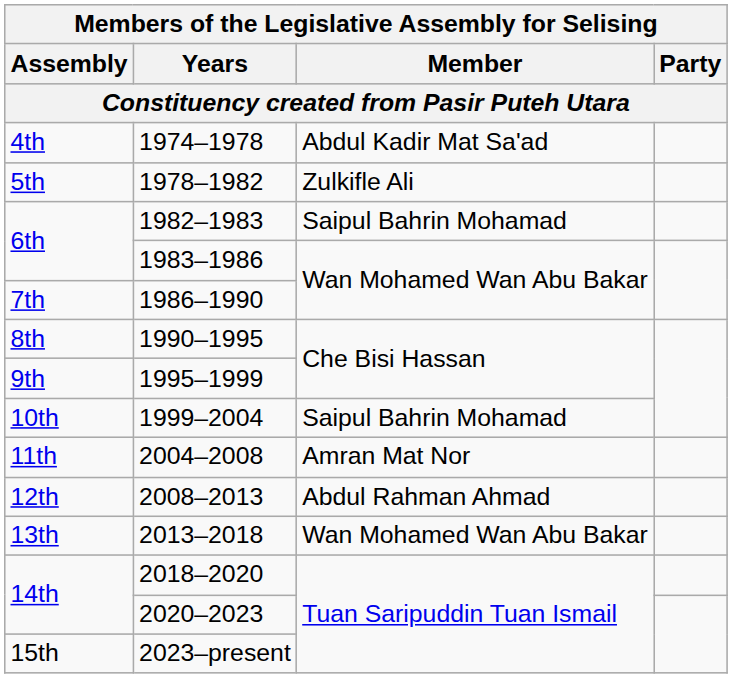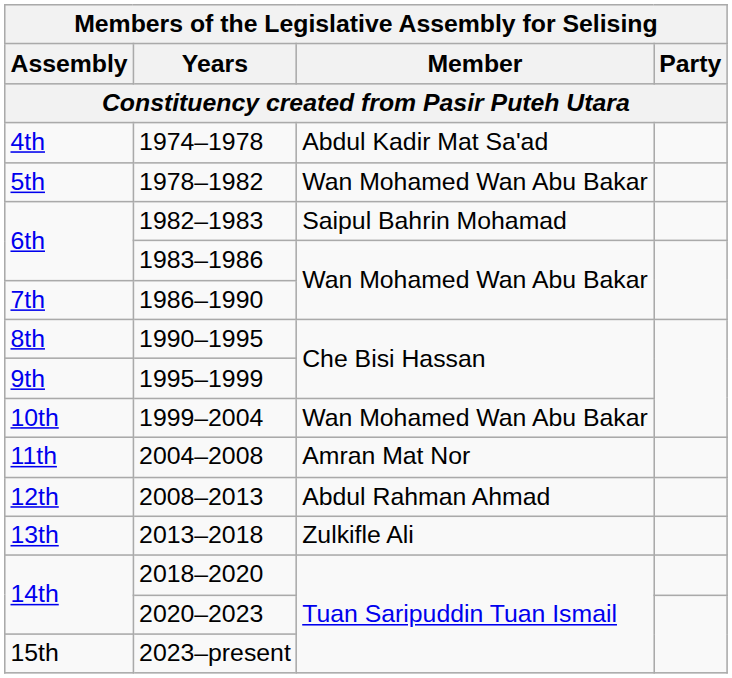 <table class=wikitable>
 <tr>
 <th colspan=4>Members of the Legislative Assembly for Selising</th>
 </tr>
 <tr>
 <th>Assembly</th>
 <th>Years</th>
 <th>Member</th>
 <th>Party</th>
 </tr>
 <tr>
 <th colspan=4 align=center><em>Constituency created from Pasir Puteh Utara</em></th>
 </tr>
 <tr>
 <td><a href='#'>4th</a></td>
 <td>1974–1978</td>
 <td>Abdul Kadir Mat Sa'ad</td>
 <td></td>
 </tr>
 <tr>
 <td><a href='#'>5th</a></td>
 <td>1978–1982</td>
-<td>Zulkifle Ali</td>
+<td>Wan Mohamed Wan Abu Bakar</td>
 <td></td>
 </tr>
 <tr>
 <td rowspan=2><a href='#'>6th</a></td>
 <td>1982–1983</td>
 <td>Saipul Bahrin Mohamad</td>
 <td></td>
 </tr>
 <tr>
 <td>1983–1986</td>
 <td rowspan=2>Wan Mohamed Wan Abu Bakar</td>
 <td rowspan=2></td>
 </tr>
 <tr>
 <td><a href='#'>7th</a></td>
 <td>1986–1990</td>
 </tr>
 <tr>
 <td><a href='#'>8th</a></td>
 <td>1990–1995</td>
 <td rowspan=2>Che Bisi Hassan</td>
 <td rowspan=3></td>
 </tr>
 <tr>
 <td><a href='#'>9th</a></td>
 <td>1995–1999</td>
 </tr>
 <tr>
 <td><a href='#'>10th</a></td>
 <td>1999–2004</td>
-<td>Saipul Bahrin Mohamad</td>
+<td>Wan Mohamed Wan Abu Bakar</td>
 </tr>
 <tr>
 <td><a href='#'>11th</a></td>
 <td>2004–2008</td>
 <td>Amran Mat Nor</td>
 <td></td>
 </tr>
 <tr>
 <td><a href='#'>12th</a></td>
 <td>2008–2013</td>
 <td>Abdul Rahman Ahmad</td>
 <td></td>
 </tr>
 <tr>
 <td><a href='#'>13th</a></td>
 <td>2013–2018</td>
-<td>Wan Mohamed Wan Abu Bakar</td>
+<td>Zulkifle Ali</td>
 <td></td>
 </tr>
 <tr>
 <td rowspan="2"><a href='#'>14th</a></td>
 <td>2018–2020</td>
 <td rowspan="3"><a href='#'>Tuan Saripuddin Tuan Ismail</a></td>
 <td></td>
 </tr>
 <tr>
 <td>2020–2023</td>
 <td rowspan="2"></td>
 </tr>
 <tr>
 <td>15th</td>
 <td>2023–present</td>
 </tr>
 </table>
